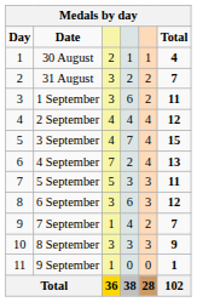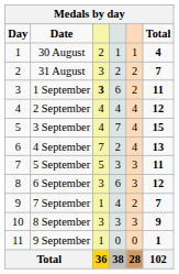 <table class="wikitable" style="font-size:90%; float:right">
 <tr align=center>
 <th colspan=7>Medals by day</th>
 </tr>
 <tr align=center>
 <td><strong>Day</strong></td>
 <td><strong>Date</strong></td>
 <td style="background:#f7f6a8;"></td>
 <td style="background:#dce5e5;"></td>
 <td style="background:#ffdab9;"></td>
 <td><strong>Total</strong></td>
 </tr>
 <tr align=center>
 <td>1</td>
 <td>30 August</td>
 <td style="background:#f7f6a8;">2</td>
 <td style="background:#dce5e5;">1</td>
 <td style="background:#ffdab9;">1</td>
 <td><strong>4</strong></td>
 </tr>
 <tr align=center>
 <td>2</td>
 <td>31 August</td>
 <td style="background:#f7f6a8;">3</td>
 <td style="background:#dce5e5;">2</td>
 <td style="background:#ffdab9;">2</td>
 <td><strong>7</strong></td>
 </tr>
 <tr align=center>
 <td>3</td>
 <td>1 September</td>
-<td style="background:#f7f6a8;">3</td>
+<td style="background:#f7f6a8;"><strong>3</strong></td>
 <td style="background:#dce5e5;">6</td>
 <td style="background:#ffdab9;">2</td>
 <td><strong>11</strong></td>
 </tr>
 <tr align=center>
 <td>4</td>
 <td>2 September</td>
 <td style="background:#f7f6a8;">4</td>
 <td style="background:#dce5e5;">4</td>
 <td style="background:#ffdab9;">4</td>
 <td><strong>12</strong></td>
 </tr>
 <tr align=center>
 <td>5</td>
 <td>3 September</td>
 <td style="background:#f7f6a8;">4</td>
 <td style="background:#dce5e5;">7</td>
 <td style="background:#ffdab9;">4</td>
 <td><strong>15</strong></td>
 </tr>
 <tr align=center>
 <td>6</td>
 <td>4 September</td>
 <td style="background:#f7f6a8;">7</td>
 <td style="background:#dce5e5;">2</td>
 <td style="background:#ffdab9;">4</td>
 <td><strong>13</strong></td>
 </tr>
 <tr align=center>
 <td>7</td>
 <td>5 September</td>
 <td style="background:#f7f6a8;">5</td>
 <td style="background:#dce5e5;">3</td>
 <td style="background:#ffdab9;">3</td>
 <td><strong>11</strong></td>
 </tr>
 <tr align=center>
 <td>8</td>
 <td>6 September</td>
 <td style="background:#f7f6a8;">3</td>
 <td style="background:#dce5e5;">6</td>
 <td style="background:#ffdab9;">3</td>
 <td><strong>12</strong></td>
 </tr>
 <tr align=center>
 <td>9</td>
 <td>7 September</td>
 <td style="background:#f7f6a8;">1</td>
 <td style="background:#dce5e5;">4</td>
 <td style="background:#ffdab9;">2</td>
 <td><strong>7</strong></td>
 </tr>
 <tr align=center>
 <td>10</td>
 <td>8 September</td>
 <td style="background:#f7f6a8;">3</td>
 <td style="background:#dce5e5;">3</td>
 <td style="background:#ffdab9;">3</td>
 <td><strong>9</strong></td>
 </tr>
 <tr align=center>
 <td>11</td>
 <td>9 September</td>
 <td style="background:#f7f6a8;">1</td>
 <td style="background:#dce5e5;">0</td>
 <td style="background:#ffdab9;">0</td>
 <td><strong>1</strong></td>
 </tr>
 <tr style="text-align:center">
 <th colspan=2>Total</th>
 <th style="background:gold">36</th>
 <th style="background:silver">38</th>
 <th style="background:#c96">28</th>
 <th>102</th>
 </tr>
 </table>
